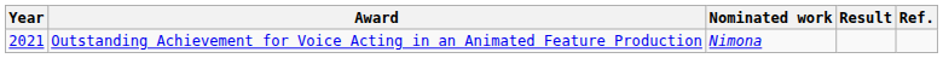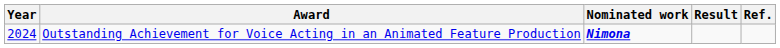 <table class="wikitable">
 <tr>
 <th>Year</th>
 <th>Award</th>
 <th>Nominated work</th>
 <th>Result</th>
 <th>Ref.</th>
 </tr>
 <tr>
-<td><a href='#'>2021</a></td>
+<td><a href='#'>2024</a></td>
 <td><a href='#'>Outstanding Achievement for Voice Acting in an Animated Feature Production</a></td>
-<td><em><a href='#'>Nimona</a></em></td>
+<td><strong><em><a href='#'>Nimona</a></em></strong></td>
 <td></td>
 <td align="center"></td>
 </tr>
 </table>
